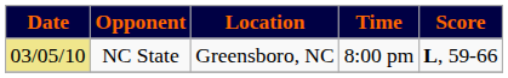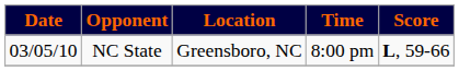 <table class="wikitable" style="text-align:center">
 <tr>
 <th style=" background:#000044;color:#ff6600;">Date</th>
 <th style=" background:#000044;color:#ff6600;">Opponent</th>
 <th style=" background:#000044;color:#ff6600;">Location</th>
 <th style=" background:#000044;color:#ff6600;">Time</th>
 <th style=" background:#000044;color:#ff6600;">Score</th>
 </tr>
 <tr>
-<td style="background: khaki;">03/05/10</td>
+<td>03/05/10</td>
 <td>NC State</td>
 <td>Greensboro, NC</td>
 <td>8:00 pm</td>
 <td><strong>L</strong>, 59-66</td>
 </tr>
 <tr>
 </tr>
 </table>
